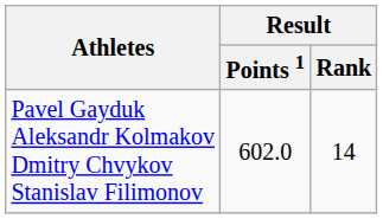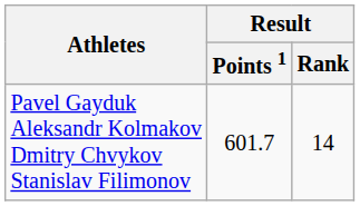 <table class="wikitable" style="font-size:90%">
 <tr>
 <th rowspan=2>Athletes</th>
 <th colspan=2>Result</th>
 </tr>
 <tr>
 <th>Points <sup>1</sup></th>
 <th>Rank</th>
 </tr>
 <tr>
 <td><a href='#'>Pavel Gayduk</a><br><a href='#'>Aleksandr Kolmakov</a><br><a href='#'>Dmitry Chvykov</a><br><a href='#'>Stanislav Filimonov</a></td>
-<td align=center>602.0</td>
+<td align=center>601.7</td>
 <td align=center>14</td>
 </tr>
 </table>
